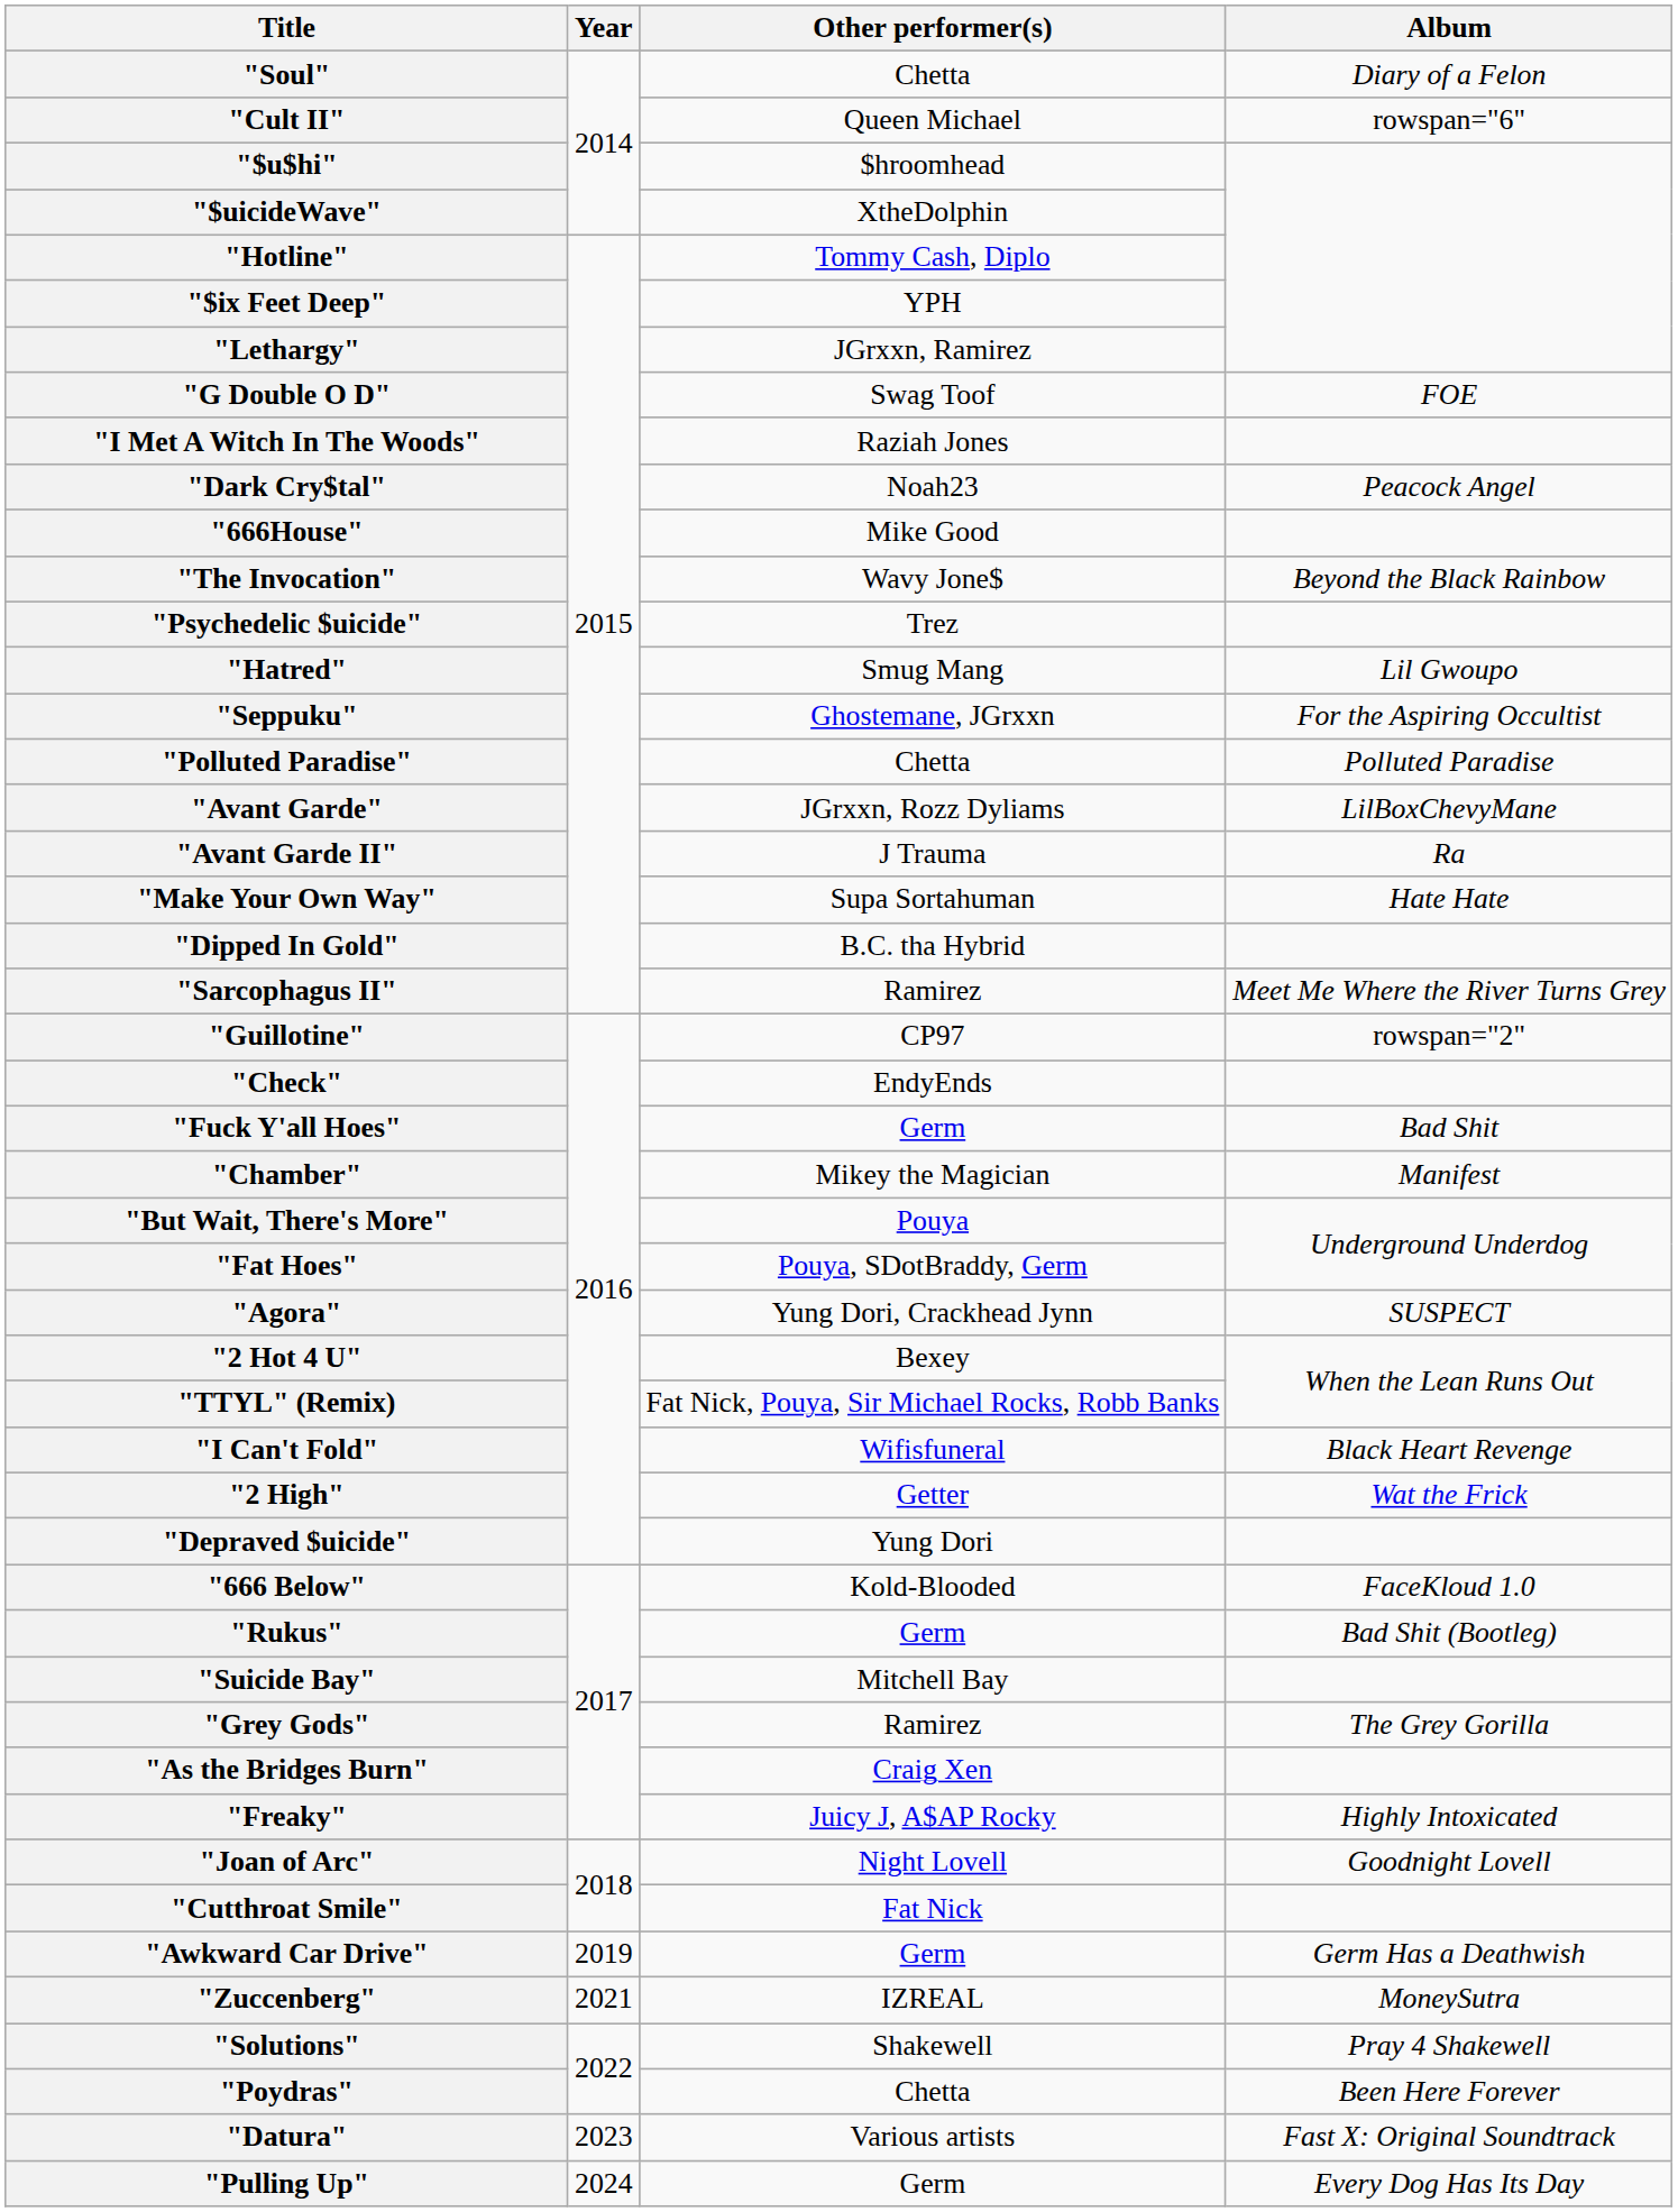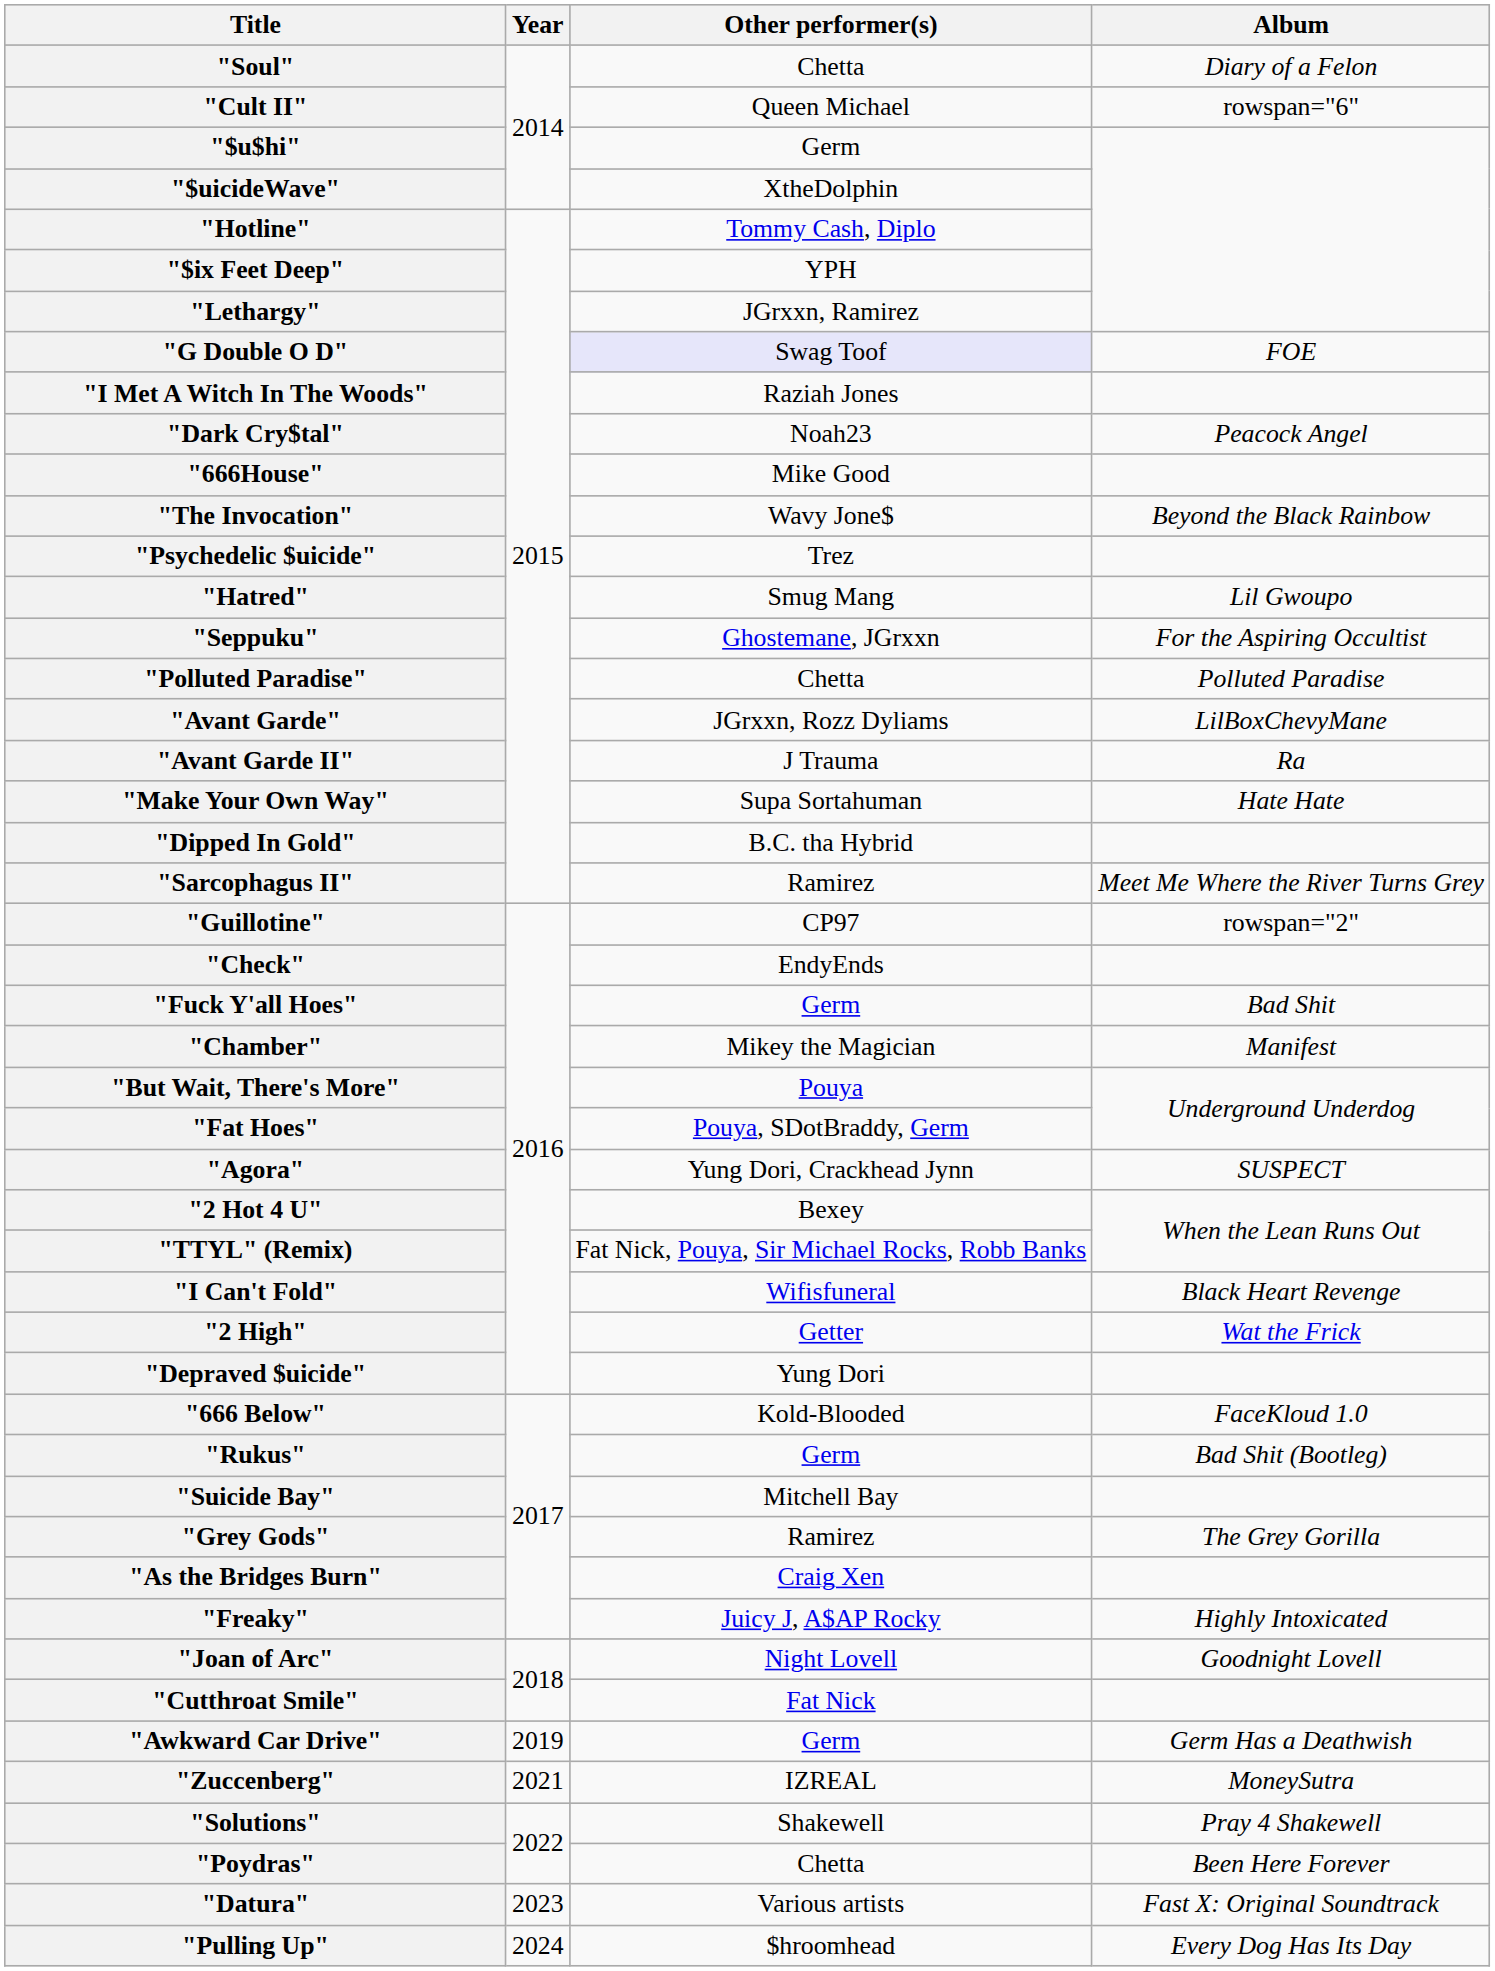 <table class="wikitable plainrowheaders" style="text-align:center;">
 <tr>
 <th style="width:19em;">Title</th>
 <th>Year</th>
 <th>Other performer(s)</th>
 <th>Album</th>
 </tr>
 <tr>
 <th scope="row">"Soul"</th>
 <td rowspan="4">2014</td>
 <td>Chetta</td>
 <td><em>Diary of a Felon</em></td>
 </tr>
 <tr>
 <th scope="row">"Cult II"</th>
 <td>Queen Michael</td>
 <td>rowspan="6" </td>
 </tr>
 <tr>
 <th scope="row">"$u$hi"</th>
-<td>$hroomhead</td>
+<td>Germ</td>
 </tr>
 <tr>
 <th scope="row">"$uicideWave"</th>
 <td>XtheDolphin</td>
 </tr>
 <tr>
 <th scope="row">"Hotline"</th>
 <td rowspan="17">2015</td>
 <td><a href='#'>Tommy Cash</a>, <a href='#'>Diplo</a></td>
 </tr>
 <tr>
 <th scope="row">"$ix Feet Deep"</th>
 <td>YPH</td>
 </tr>
 <tr>
 <th scope="row">"Lethargy"</th>
 <td>JGrxxn, Ramirez</td>
 </tr>
 <tr>
 <th scope="row">"G Double O D"</th>
-<td>Swag Toof</td>
+<td style="background: lavender;">Swag Toof</td>
 <td><em>FOE</em></td>
 </tr>
 <tr>
 <th scope="row">"I Met A Witch In The Woods"</th>
 <td>Raziah Jones</td>
 <td></td>
 </tr>
 <tr>
 <th scope="row">"Dark Cry$tal"</th>
 <td>Noah23</td>
 <td><em>Peacock Angel</em></td>
 </tr>
 <tr>
 <th scope="row">"666House"</th>
 <td>Mike Good</td>
 <td></td>
 </tr>
 <tr>
 <th scope="row">"The Invocation"</th>
 <td>Wavy Jone$</td>
 <td><em>Beyond the Black Rainbow</em></td>
 </tr>
 <tr>
 <th scope="row">"Psychedelic $uicide"</th>
 <td>Trez</td>
 <td></td>
 </tr>
 <tr>
 <th scope="row">"Hatred"</th>
 <td>Smug Mang</td>
 <td><em>Lil Gwoupo</em></td>
 </tr>
 <tr>
 <th scope="row">"Seppuku"</th>
 <td><a href='#'>Ghostemane</a>, JGrxxn</td>
 <td><em>For the Aspiring Occultist</em></td>
 </tr>
 <tr>
 <th scope="row">"Polluted Paradise"</th>
 <td>Chetta</td>
 <td><em>Polluted Paradise</em></td>
 </tr>
 <tr>
 <th scope="row">"Avant Garde"</th>
 <td>JGrxxn, Rozz Dyliams</td>
 <td><em>LilBoxChevyMane</em></td>
 </tr>
 <tr>
 <th scope="row">"Avant Garde II"</th>
 <td>J Trauma</td>
 <td><em>Ra</em></td>
 </tr>
 <tr>
 <th scope="row">"Make Your Own Way"</th>
 <td>Supa Sortahuman</td>
 <td><em>Hate Hate</em></td>
 </tr>
 <tr>
 <th scope="row">"Dipped In Gold"</th>
 <td>B.C. tha Hybrid</td>
 <td></td>
 </tr>
 <tr>
 <th scope="row">"Sarcophagus II"</th>
 <td>Ramirez</td>
 <td><em>Meet Me Where the River Turns Grey</em></td>
 </tr>
 <tr>
 <th scope="row">"Guillotine"</th>
 <td rowspan="12">2016</td>
 <td>CP97</td>
 <td>rowspan="2" </td>
 </tr>
 <tr>
 <th scope="row">"Check"</th>
 <td>EndyEnds</td>
 </tr>
 <tr>
 <th scope="row">"Fuck Y'all Hoes"</th>
 <td><a href='#'>Germ</a></td>
 <td><em>Bad Shit</em></td>
 </tr>
 <tr>
 <th scope="row">"Chamber"</th>
 <td>Mikey the Magician</td>
 <td><em>Manifest</em></td>
 </tr>
 <tr>
 <th scope="row">"But Wait, There's More"</th>
 <td><a href='#'>Pouya</a></td>
 <td rowspan="2"><em>Underground Underdog</em></td>
 </tr>
 <tr>
 <th scope="row">"Fat Hoes"</th>
 <td><a href='#'>Pouya</a>, SDotBraddy, <a href='#'>Germ</a></td>
 </tr>
 <tr>
 <th scope="row">"Agora"</th>
 <td>Yung Dori, Crackhead Jynn</td>
 <td><em>SUSPECT</em></td>
 </tr>
 <tr>
 <th scope="row">"2 Hot 4 U"</th>
 <td>Bexey</td>
 <td rowspan="2"><em>When the Lean Runs Out</em></td>
 </tr>
 <tr>
 <th scope="row">"TTYL" (Remix)</th>
 <td>Fat Nick, <a href='#'>Pouya</a>, <a href='#'>Sir Michael Rocks</a>, <a href='#'>Robb Banks</a></td>
 </tr>
 <tr>
 <th scope="row">"I Can't Fold"</th>
 <td><a href='#'>Wifisfuneral</a></td>
 <td><em>Black Heart Revenge</em></td>
 </tr>
 <tr>
 <th scope="row">"2 High"</th>
 <td><a href='#'>Getter</a></td>
 <td><em><a href='#'>Wat the Frick</a></em></td>
 </tr>
 <tr>
 <th scope="row">"Depraved $uicide"</th>
 <td>Yung Dori</td>
 <td></td>
 </tr>
 <tr>
 <th scope="row">"666 Below"</th>
 <td rowspan="6">2017</td>
 <td>Kold-Blooded</td>
 <td><em>FaceKloud 1.0</em></td>
 </tr>
 <tr>
 <th scope="row">"Rukus"</th>
 <td><a href='#'>Germ</a></td>
 <td><em>Bad Shit (Bootleg)</em></td>
 </tr>
 <tr>
 <th scope="row">"Suicide Bay"</th>
 <td>Mitchell Bay</td>
 <td></td>
 </tr>
 <tr>
 <th scope="row">"Grey Gods"</th>
 <td>Ramirez</td>
 <td><em>The Grey Gorilla</em></td>
 </tr>
 <tr>
 <th scope="row">"As the Bridges Burn"</th>
 <td><a href='#'>Craig Xen</a></td>
 <td></td>
 </tr>
 <tr>
 <th scope="row">"Freaky"</th>
 <td><a href='#'>Juicy J</a>, <a href='#'>A$AP Rocky</a></td>
 <td><em>Highly Intoxicated</em></td>
 </tr>
 <tr>
 <th scope="row">"Joan of Arc"</th>
 <td rowspan="2">2018</td>
 <td><a href='#'>Night Lovell</a></td>
 <td><em>Goodnight Lovell</em></td>
 </tr>
 <tr>
 <th scope="row">"Cutthroat Smile"</th>
 <td><a href='#'>Fat Nick</a></td>
 <td></td>
 </tr>
 <tr>
 <th scope="row">"Awkward Car Drive"</th>
 <td>2019</td>
 <td><a href='#'>Germ</a></td>
 <td><em>Germ Has a Deathwish</em></td>
 </tr>
 <tr>
 <th scope="row">"Zuccenberg"</th>
 <td>2021</td>
 <td>IZREAL</td>
 <td><em>MoneySutra</em></td>
 </tr>
 <tr>
 <th scope="row">"Solutions"</th>
 <td rowspan="2">2022</td>
 <td>Shakewell</td>
 <td><em>Pray 4 Shakewell</em></td>
 </tr>
 <tr>
 <th scope="row">"Poydras"</th>
 <td>Chetta</td>
 <td><em>Been Here Forever</em></td>
 </tr>
 <tr>
 <th scope="row">"Datura"</th>
 <td>2023</td>
 <td>Various artists</td>
 <td><em>Fast X: Original Soundtrack</em></td>
 </tr>
 <tr>
 <th scope="row">"Pulling Up"</th>
 <td>2024</td>
-<td>Germ</td>
+<td>$hroomhead</td>
 <td><em>Every Dog Has Its Day</em></td>
 </tr>
 </table>
